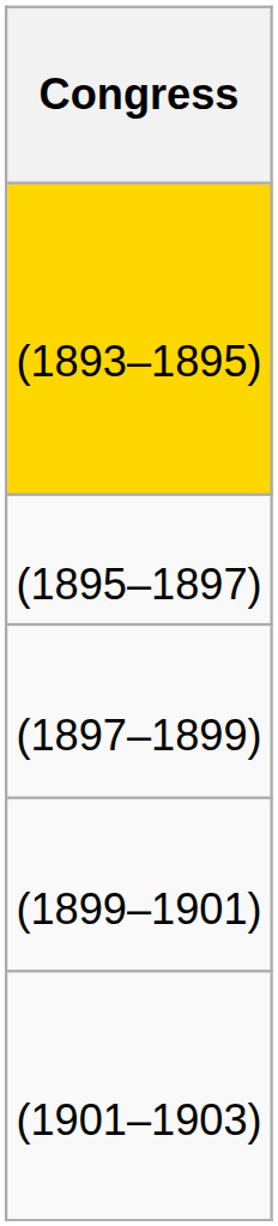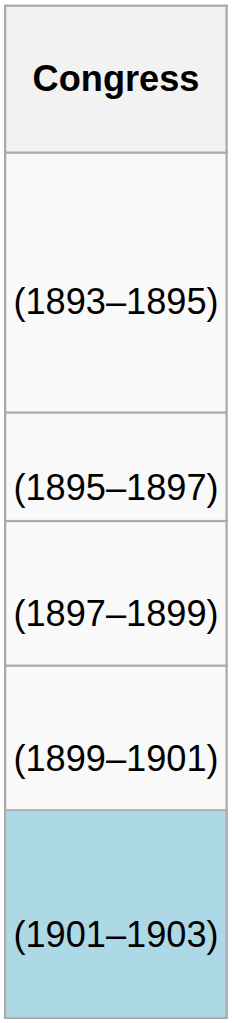 <table class="wikitable" style="float:left; margin:0; margin-right:-0.5px; margin-top:14px; text-align:center;">
 <tr style="white-space:nowrap; height:4.08em;">
 <th>Congress</th>
 </tr>
 <tr style="white-space:nowrap; height:7.2em;">
-<td style="background: gold;"><strong></strong><br>(1893–1895)</td>
+<td><strong></strong><br>(1893–1895)</td>
 </tr>
 <tr style="white-space:nowrap; height:3em">
 <td><strong></strong><br>(1895–1897)</td>
 </tr>
 <tr style="white-space:nowrap; height:4em">
 <td><strong></strong><br>(1897–1899)</td>
 </tr>
 <tr style="white-space:nowrap; height:4em">
 <td><strong></strong><br>(1899–1901)</td>
 </tr>
 <tr style="white-space:nowrap; height:5.7em">
-<td><strong></strong><br>(1901–1903)</td>
+<td style="background: lightblue;"><strong></strong><br>(1901–1903)</td>
 </tr>
 </table>
